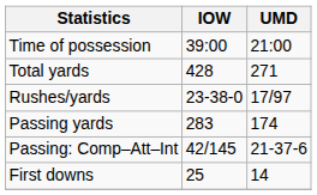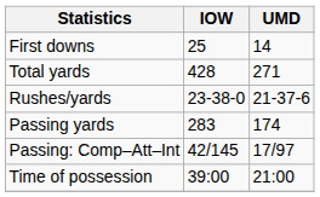 <table class="wikitable" style="float: left;">
 <tr>
 <th>Statistics</th>
 <th>IOW</th>
 <th>UMD</th>
 </tr>
 <tr>
-<td>Time of possession</td>
-<td>39:00</td>
-<td>21:00</td>
+<td>First downs</td>
+<td>25</td>
+<td>14</td>
 </tr>
 <tr>
 <td>Total yards</td>
 <td>428</td>
 <td>271</td>
 </tr>
 <tr>
 <td>Rushes/yards</td>
 <td>23-38-0</td>
-<td>17/97</td>
+<td>21-37-6</td>
 </tr>
 <tr>
 <td>Passing yards</td>
 <td>283</td>
 <td>174</td>
 </tr>
 <tr>
 <td>Passing: Comp–Att–Int</td>
 <td>42/145</td>
-<td>21-37-6</td>
+<td>17/97</td>
 </tr>
 <tr>
-<td>First downs</td>
-<td>25</td>
-<td>14</td>
+<td>Time of possession</td>
+<td>39:00</td>
+<td>21:00</td>
 </tr>
 <tr>
 </tr>
 </table>
